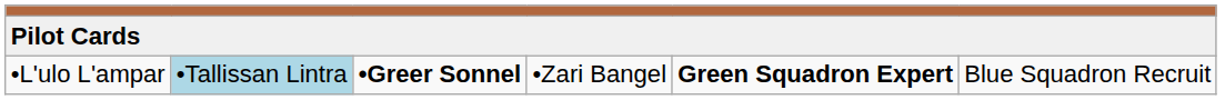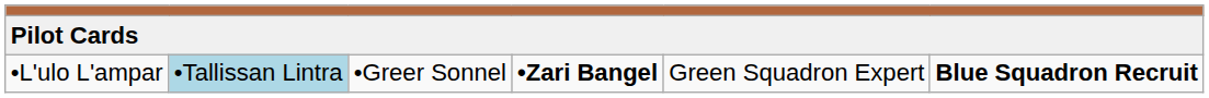 <table class="wikitable sortable">
 <tr style="background:#B1673E;">
 <td colspan="6"></td>
 </tr>
 <tr style="background:#f0f0f0;">
 <td colspan="7"><strong>Pilot Cards</strong></td>
 </tr>
 <tr>
 <td>•L'ulo L'ampar</td>
 <td style="background: lightblue;">•Tallissan Lintra</td>
-<td><strong>•Greer Sonnel</strong></td>
-<td>•Zari Bangel</td>
-<td><strong>Green Squadron Expert</strong></td>
-<td>Blue Squadron Recruit</td>
+<td>•Greer Sonnel</td>
+<td><strong>•Zari Bangel</strong></td>
+<td>Green Squadron Expert</td>
+<td><strong>Blue Squadron Recruit</strong></td>
 </tr>
 </table>
